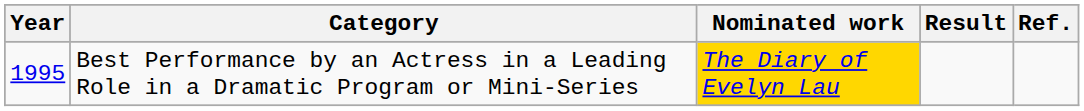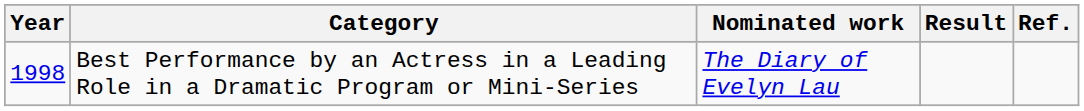 <table class="wikitable plainrowheaders">
 <tr>
 <th scope="col">Year</th>
 <th scope="col">Category</th>
 <th scope="col">Nominated work</th>
 <th scope="col">Result</th>
 <th scope="col">Ref.</th>
 </tr>
 <tr>
-<td><a href='#'>1995</a></td>
+<td><a href='#'>1998</a></td>
 <td>Best Performance by an Actress in a Leading Role in a Dramatic Program or Mini-Series</td>
-<td style="background: gold;"><em><a href='#'>The Diary of Evelyn Lau</a></em></td>
+<td><em><a href='#'>The Diary of Evelyn Lau</a></em></td>
 <td></td>
 <td align="center"></td>
 </tr>
 </table>
